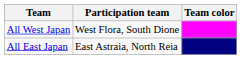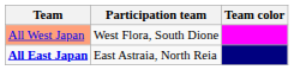 <table class="wikitable">
 <tr>
 <th>Team</th>
 <th>Participation team</th>
 <th>Team color</th>
 </tr>
 <tr>
-<td><a href='#'>All West Japan</a></td>
+<td style="background: lightsalmon;"><a href='#'>All West Japan</a></td>
 <td>West Flora, South Dione</td>
 <td style="background-color: #ff00ff;"></td>
 </tr>
 <tr>
-<td><a href='#'>All East Japan</a></td>
+<td><strong><a href='#'>All East Japan</a></strong></td>
 <td>East Astraia, North Reia</td>
 <td style="background-color: #000080;"></td>
 </tr>
 </table>
